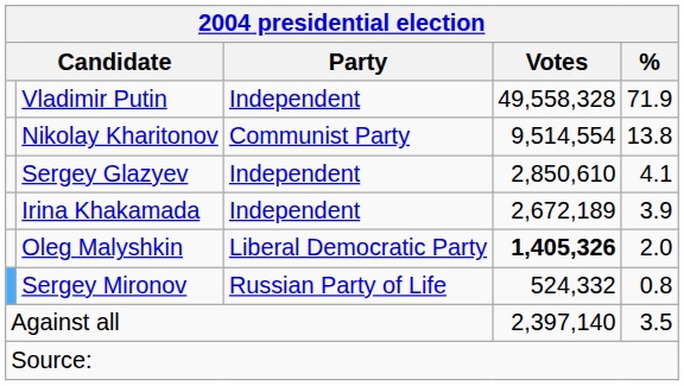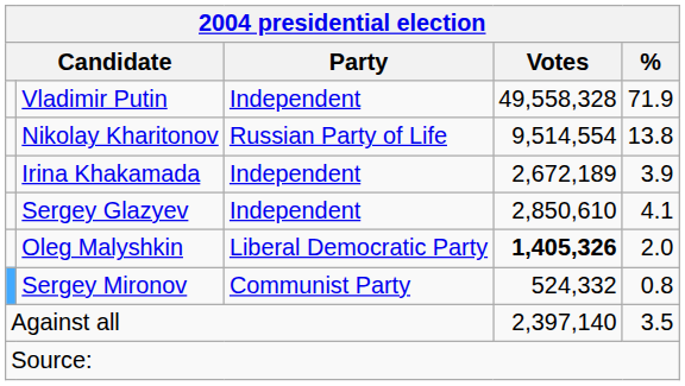 <table class=wikitable style=text-align:right>
 <tr>
 <th colspan=5><a href='#'>2004 presidential election</a></th>
 </tr>
 <tr>
 <th colspan=2>Candidate</th>
 <th>Party</th>
 <th>Votes</th>
 <th>%</th>
 </tr>
 <tr>
 <td style="background-color: "></td>
 <td align=left><a href='#'>Vladimir Putin</a></td>
 <td align=left><a href='#'>Independent</a></td>
 <td>49,558,328</td>
 <td>71.9</td>
 </tr>
 <tr>
 <td style="background-color: "></td>
 <td align=left><a href='#'>Nikolay Kharitonov</a></td>
-<td align=left><a href='#'>Communist Party</a></td>
+<td align=left><a href='#'>Russian Party of Life</a></td>
 <td>9,514,554</td>
 <td>13.8</td>
+</tr>
+<tr>
+<td style="background-color: "></td>
+<td align=left><a href='#'>Irina Khakamada</a></td>
+<td align=left><a href='#'>Independent</a></td>
+<td>2,672,189</td>
+<td>3.9</td>
 </tr>
 <tr>
 <td style="background-color: "></td>
 <td align=left><a href='#'>Sergey Glazyev</a></td>
 <td align=left><a href='#'>Independent</a></td>
 <td>2,850,610</td>
 <td>4.1</td>
-</tr>
-<tr>
-<td style="background-color: "></td>
-<td align=left><a href='#'>Irina Khakamada</a></td>
-<td align=left><a href='#'>Independent</a></td>
-<td>2,672,189</td>
-<td>3.9</td>
 </tr>
 <tr>
 <td style="background-color: "></td>
 <td align=left><a href='#'>Oleg Malyshkin</a></td>
 <td align=left><a href='#'>Liberal Democratic Party</a></td>
 <td><strong>1,405,326</strong></td>
 <td>2.0</td>
 </tr>
 <tr>
 <td style="background-color: #42aaff"></td>
 <td align=left><a href='#'>Sergey Mironov</a></td>
-<td align=left><a href='#'>Russian Party of Life</a></td>
+<td align=left><a href='#'>Communist Party</a></td>
 <td>524,332</td>
 <td>0.8</td>
 </tr>
 <tr>
 <td align=left colspan=3>Against all</td>
 <td>2,397,140</td>
 <td>3.5</td>
 </tr>
 <tr>
 <td align=left colspan=5>Source:</td>
 </tr>
 </table>
